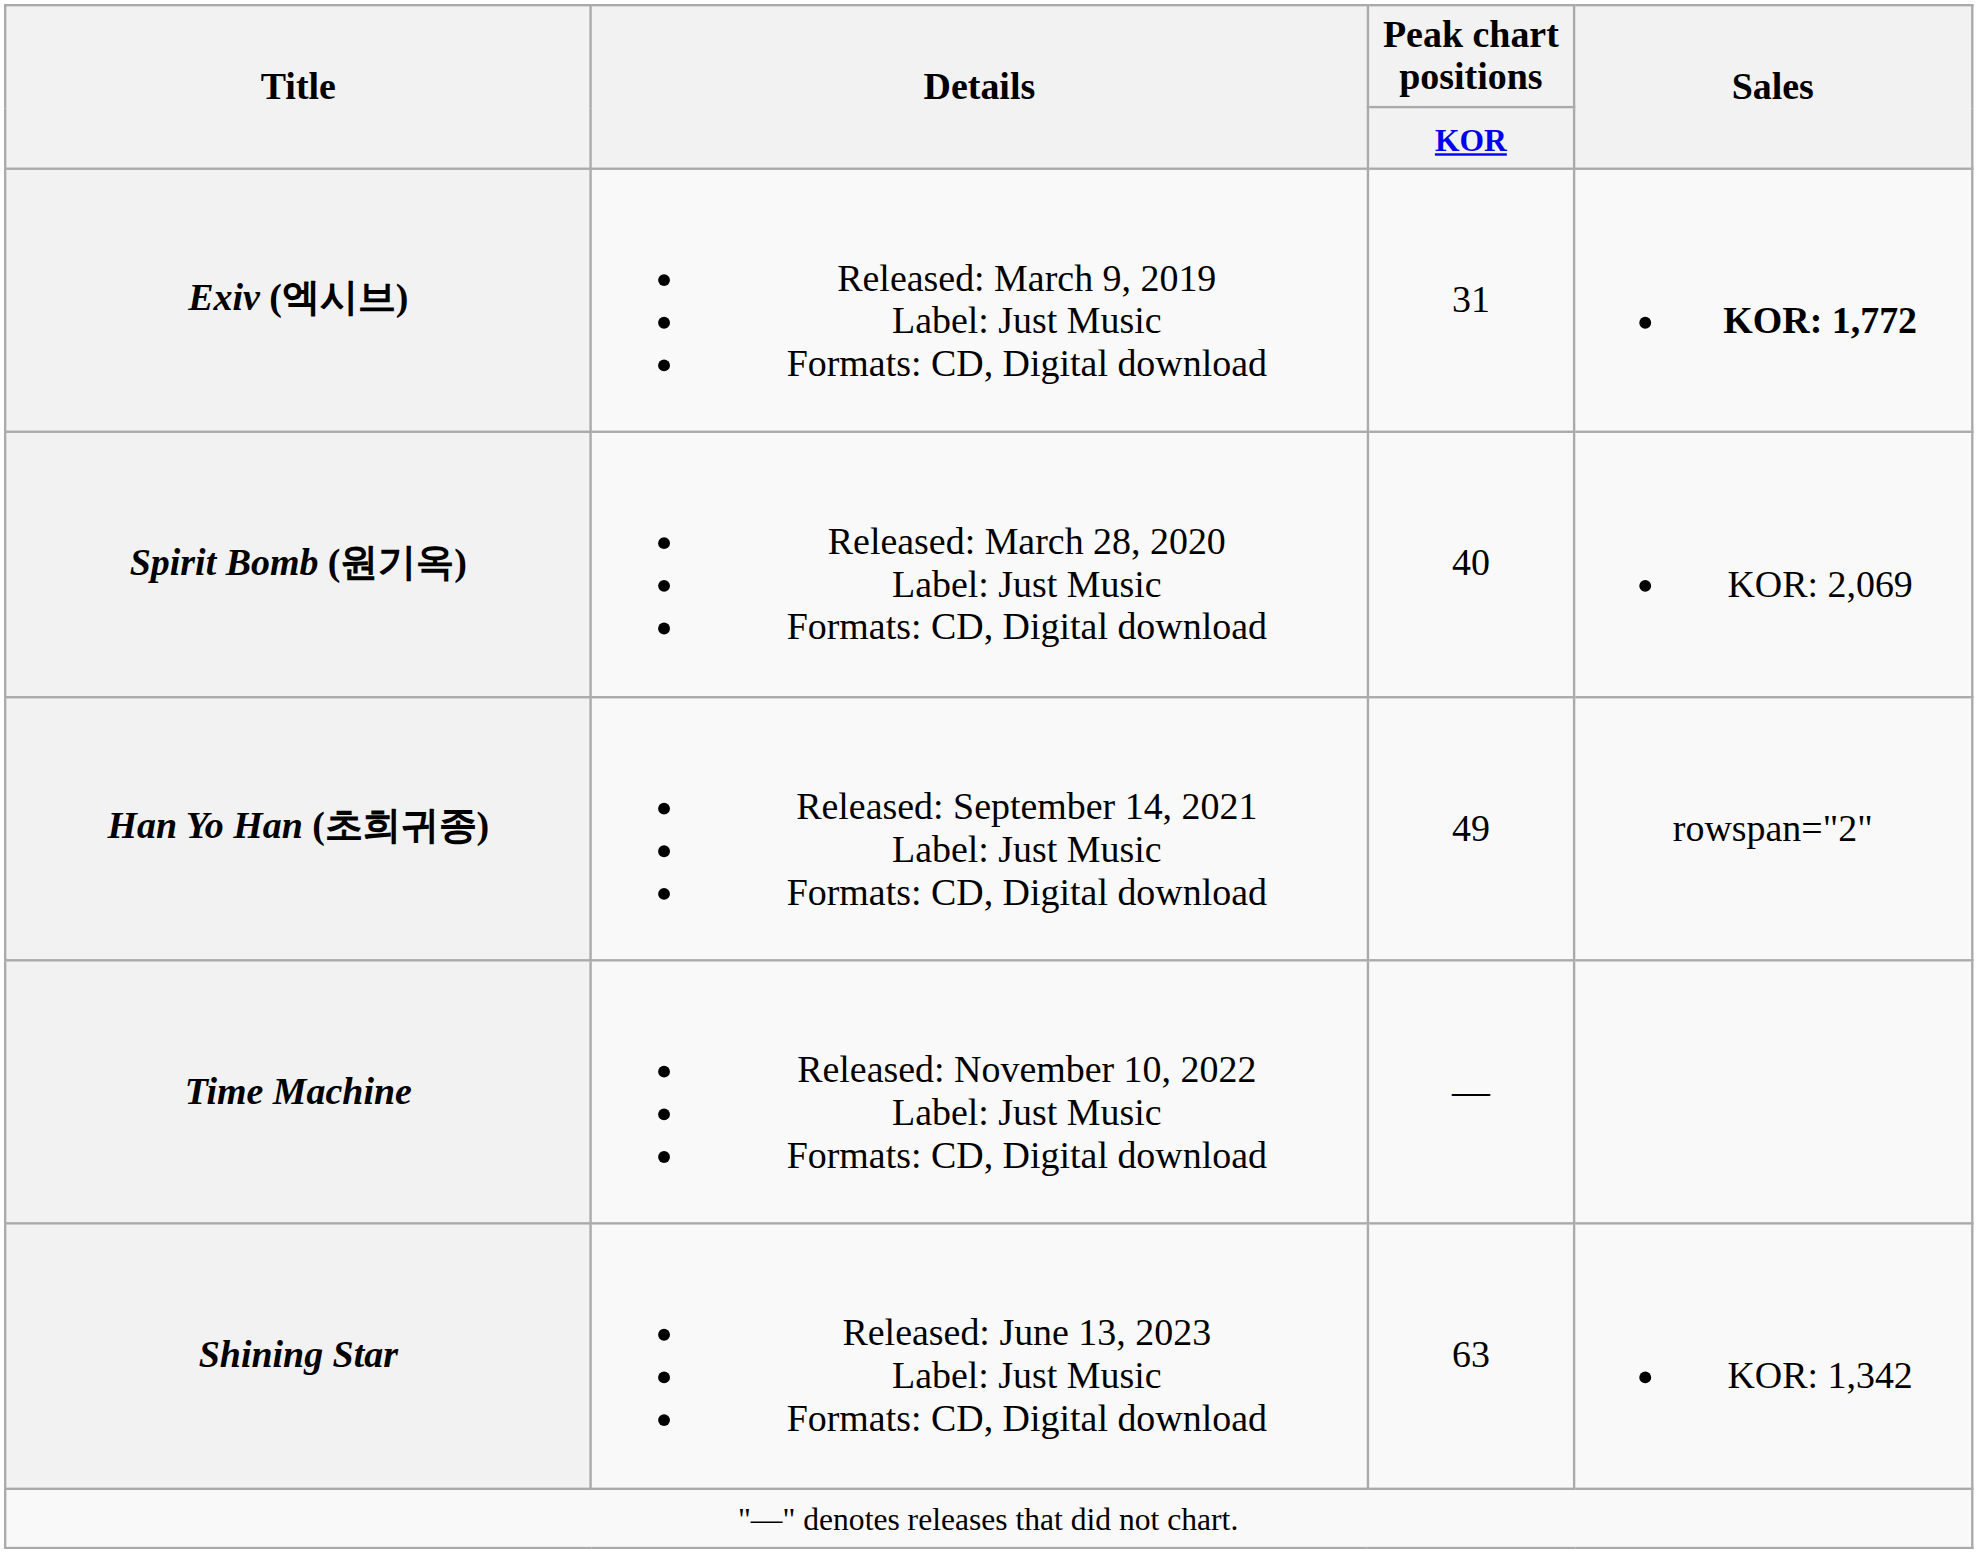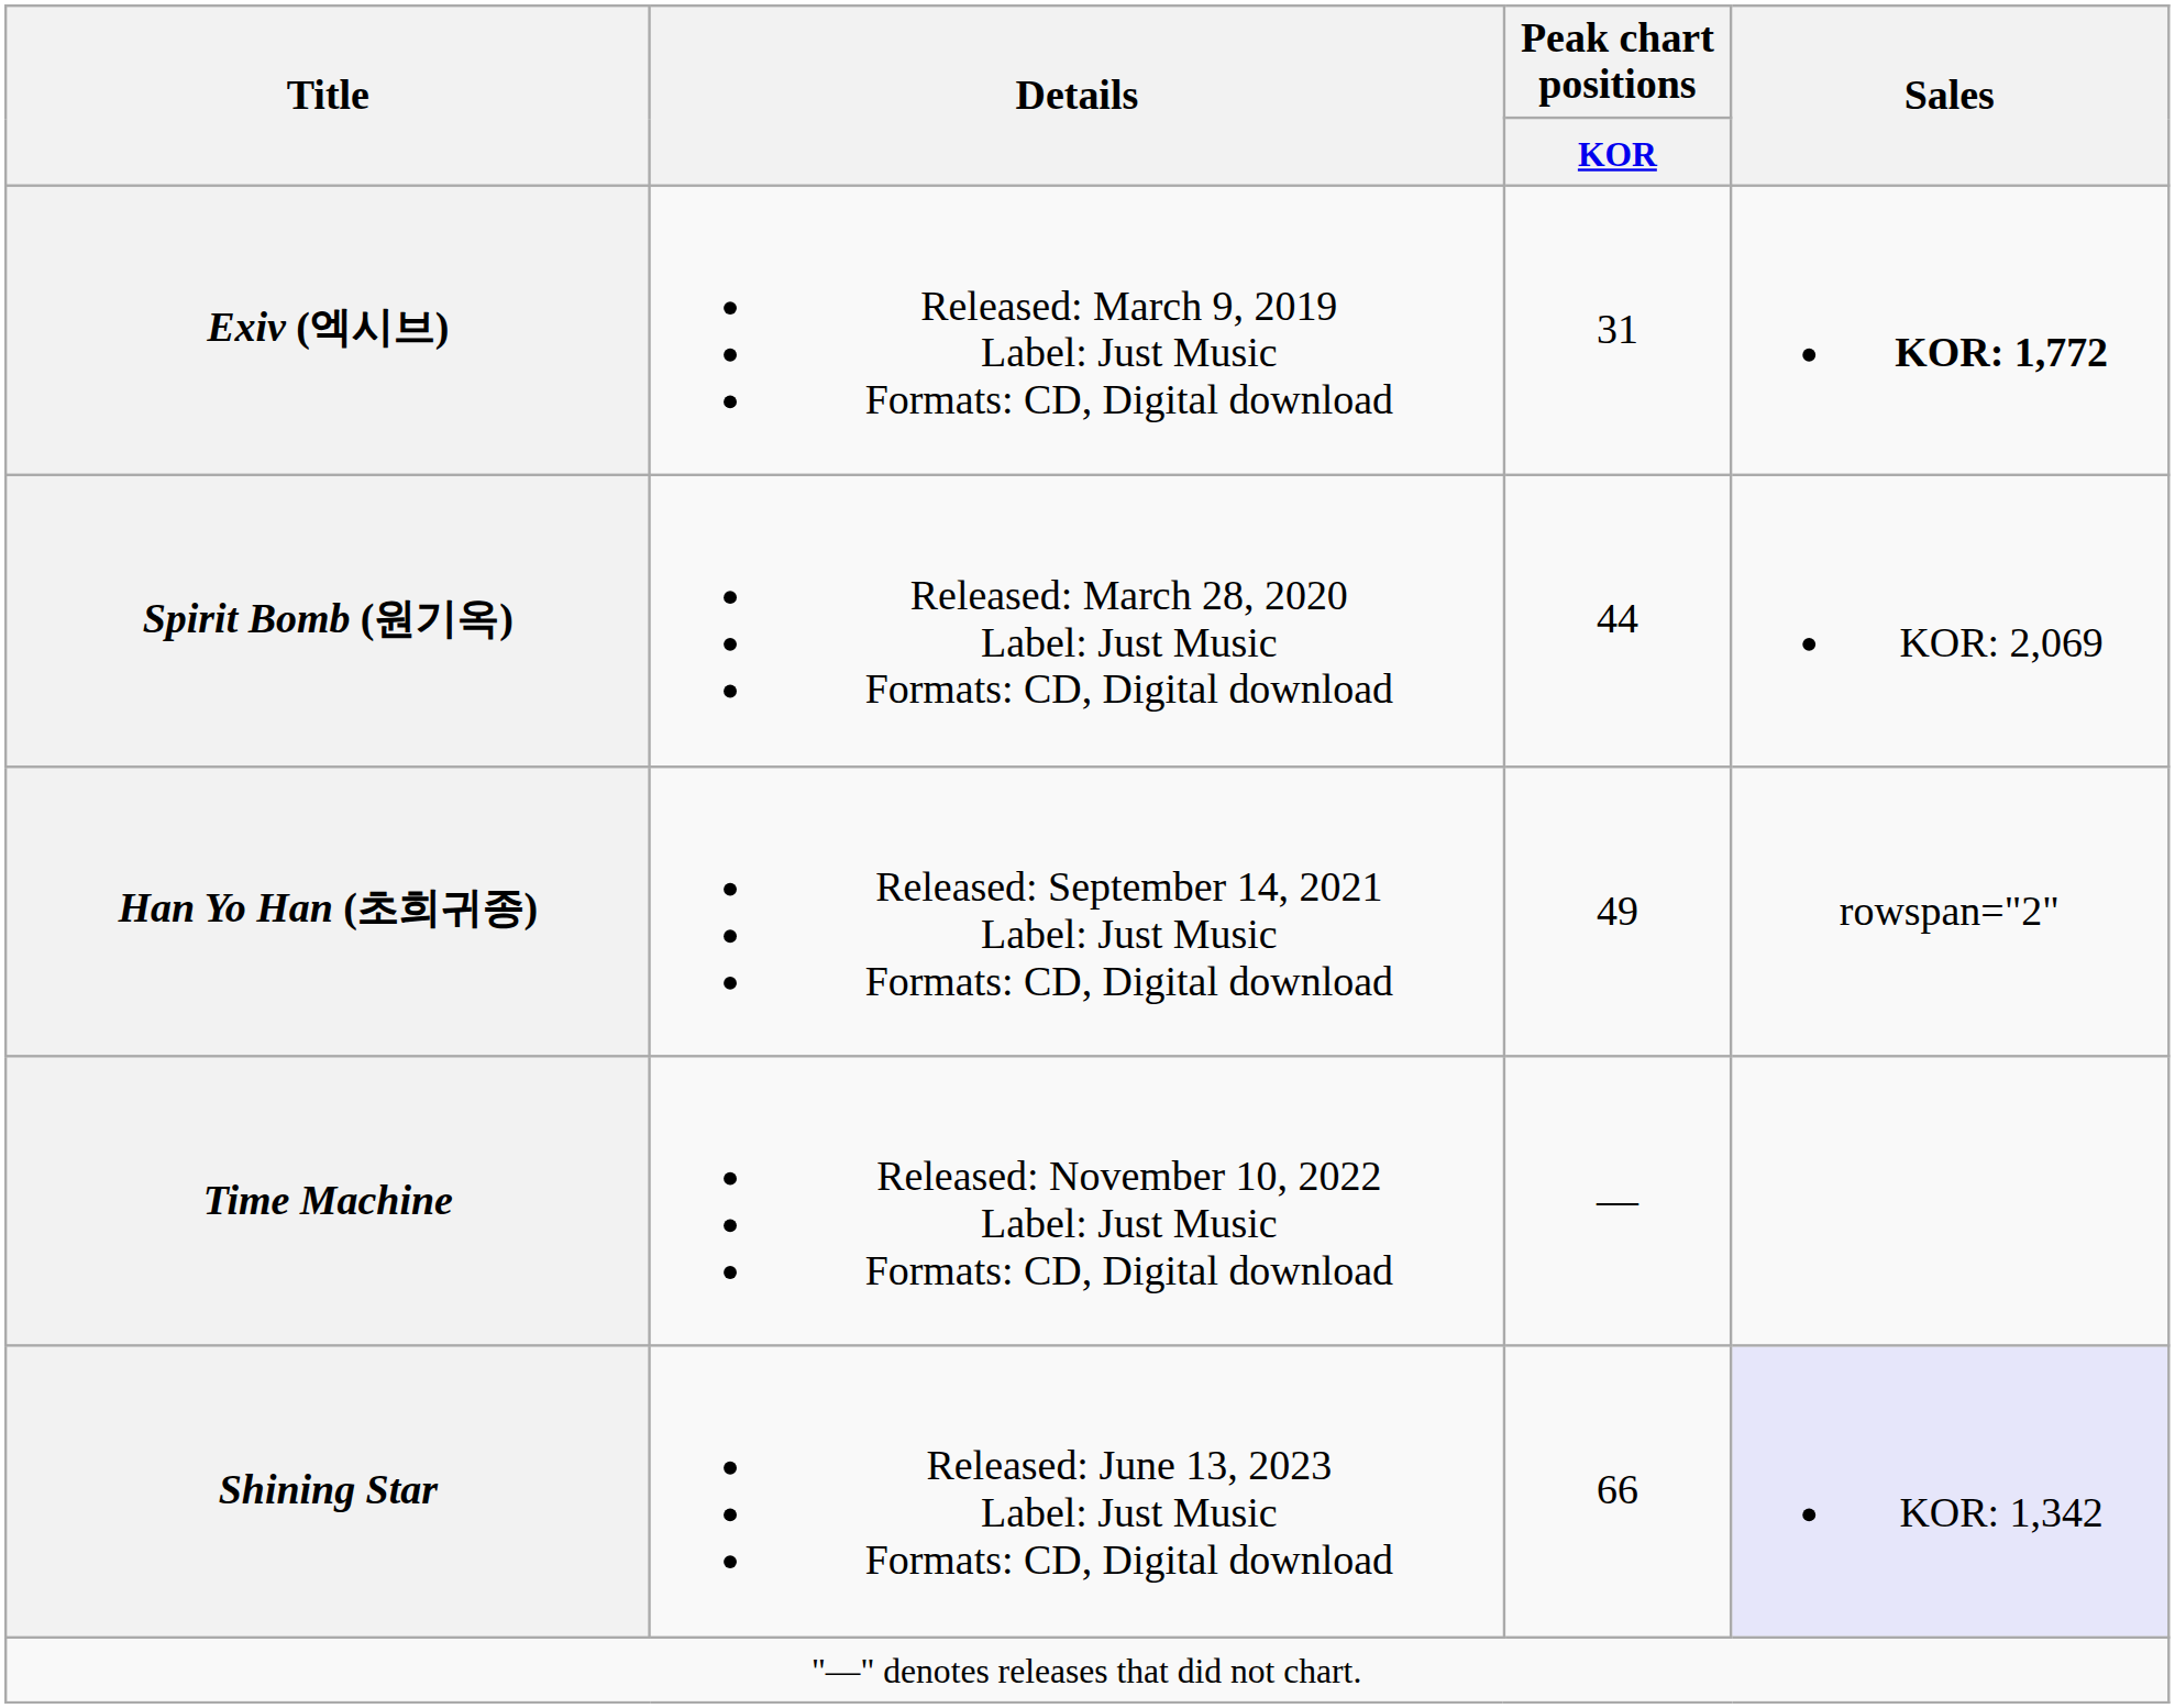 <table class="wikitable plainrowheaders" style="text-align:center;">
 <tr>
 <th scope="col" rowspan="2" style="width:15em;">Title</th>
 <th scope="col" rowspan="2" style="width:20em;">Details</th>
 <th scope="col" colspan="1" style="width:5em;">Peak chart positions</th>
 <th scope="col" rowspan="2" style="width:10em;">Sales</th>
 </tr>
 <tr>
 <th><small><a href='#'>KOR</a></small><br></th>
 </tr>
 <tr>
 <th scope="row"><em>Exiv</em> (엑시브)</th>
 <td><br><ul><li>Released: March 9, 2019</li><li>Label: Just Music</li><li>Formats: CD, Digital download</li></ul></td>
 <td>31</td>
 <td><strong><br><ul><li>KOR: 1,772</li></ul></strong></td>
 </tr>
 <tr>
 <th scope="row"><em>Spirit Bomb</em> (원기옥)</th>
 <td><br><ul><li>Released: March 28, 2020</li><li>Label: Just Music</li><li>Formats: CD, Digital download</li></ul></td>
-<td>40</td>
+<td>44</td>
 <td><br><ul><li>KOR: 2,069</li></ul></td>
 </tr>
 <tr>
 <th scope="row"><em>Han Yo Han</em> (초희귀종)</th>
 <td><br><ul><li>Released: September 14, 2021</li><li>Label: Just Music</li><li>Formats: CD, Digital download</li></ul></td>
 <td>49</td>
 <td>rowspan="2" </td>
 </tr>
 <tr>
 <th scope="row"><em>Time Machine</em></th>
 <td><br><ul><li>Released: November 10, 2022</li><li>Label: Just Music</li><li>Formats: CD, Digital download</li></ul></td>
 <td>—</td>
 </tr>
 <tr>
 <th scope="row"><em>Shining Star</em></th>
 <td><br><ul><li>Released: June 13, 2023</li><li>Label: Just Music</li><li>Formats: CD, Digital download</li></ul></td>
-<td>63</td>
-<td><br><ul><li>KOR: 1,342</li></ul></td>
+<td>66</td>
+<td style="background: lavender;"><br><ul><li>KOR: 1,342</li></ul></td>
 </tr>
 <tr>
 <td colspan="4" align="center"><small>"—" denotes releases that did not chart.</small></td>
 </tr>
 </table>
